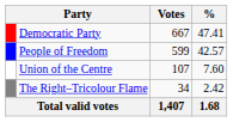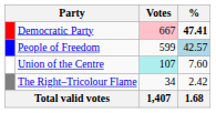 <table class="wikitable">
 <tr>
 <th colspan="2" style="width: 130px">Party</th>
 <th style="width: 50px">Votes</th>
 <th style="width: 40px">%</th>
 </tr>
 <tr>
 <td style="background-color:red">  </td>
 <td style="text-align: left"><a href='#'>Democratic Party</a></td>
-<td style="text-align: right">667</td>
-<td style="text-align: right">47.41</td>
+<td style="background: pink; text-align: right">667</td>
+<td style="text-align: right"><strong>47.41</strong></td>
 </tr>
 <tr>
 <td style="background-color:blue">  </td>
 <td style="text-align: left"><a href='#'>People of Freedom</a></td>
 <td style="text-align: right">599</td>
-<td style="text-align: right">42.57</td>
+<td style="background: lightblue; text-align: right">42.57</td>
 </tr>
 <tr>
 <td style="background-color:white">  </td>
 <td style="text-align: left"><a href='#'>Union of the Centre</a></td>
-<td align="right">107</td>
+<td align="right" style="background: paleturquoise;">107</td>
 <td align="right">7.60</td>
 </tr>
 <tr>
 <td style="background-color:grey">  </td>
 <td style="text-align: left"><a href='#'>The Right–Tricolour Flame</a></td>
 <td align="right">34</td>
 <td align="right">2.42</td>
 </tr>
 <tr bgcolor="white">
 <th align="right" colspan=2>Total valid votes</th>
 <th align="right">1,407</th>
 <th align="right">1.68</th>
 </tr>
 </table>
